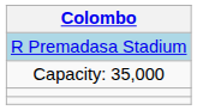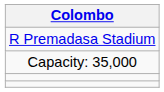 <table class="wikitable" style="text-align:center; margin:1em auto;">
 <tr>
 <th><a href='#'>Colombo</a></th>
 </tr>
 <tr>
-<td style="background: lightblue;"><a href='#'>R Premadasa Stadium</a></td>
+<td><a href='#'>R Premadasa Stadium</a></td>
 </tr>
 <tr>
 <td>Capacity: 35,000</td>
 </tr>
 <tr>
 <td></td>
 </tr>
 <tr cellpadding="0" style="border:0 solid #777; text-align: center;">
 <td></td>
 </tr>
 </table>
